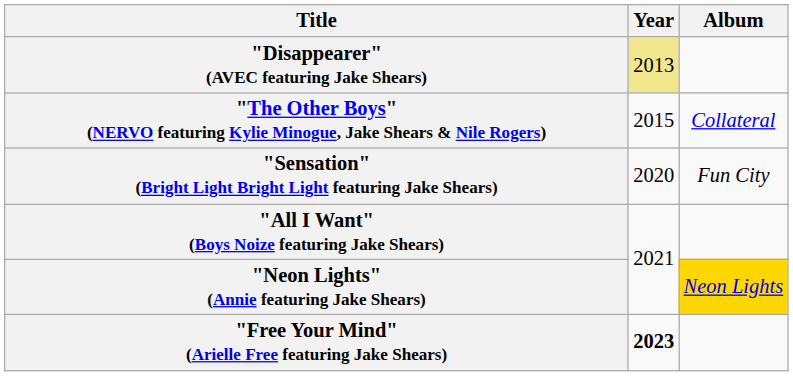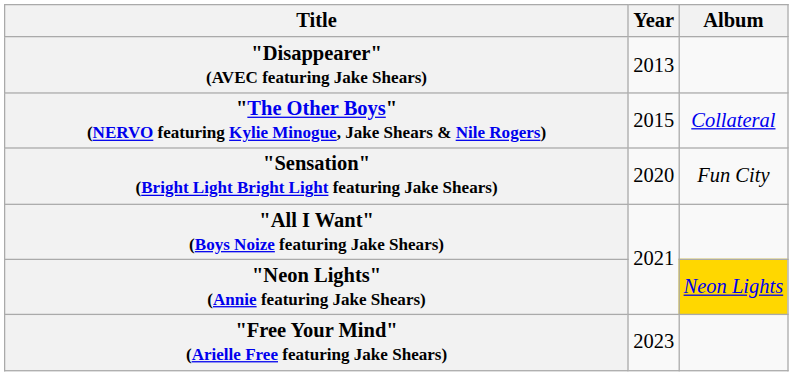 <table class="wikitable plainrowheaders" style="text-align:center;">
 <tr>
 <th scope="col" style="width:30em;">Title</th>
 <th scope="col" style="width:1em;">Year</th>
 <th scope="col">Album</th>
 </tr>
 <tr>
 <th scope="row">"Disappearer" <br><small>(AVEC featuring Jake Shears)</small></th>
-<td style="background: khaki;">2013</td>
+<td>2013</td>
 <td></td>
 </tr>
 <tr>
 <th scope="row">"<a href='#'>The Other Boys</a>" <br><small>(<a href='#'>NERVO</a> featuring <a href='#'>Kylie Minogue</a>, Jake Shears & <a href='#'>Nile Rogers</a>)</small></th>
 <td>2015</td>
 <td><em><a href='#'>Collateral</a></em></td>
 </tr>
 <tr>
 <th scope="row">"Sensation" <br><small>(<a href='#'>Bright Light Bright Light</a> featuring Jake Shears)</small></th>
 <td>2020</td>
 <td><em>Fun City</em></td>
 </tr>
 <tr>
 <th scope="row">"All I Want"<br><small>(<a href='#'>Boys Noize</a> featuring Jake Shears)</small></th>
 <td rowspan="2">2021</td>
 <td></td>
 </tr>
 <tr>
 <th scope="row">"Neon Lights"<br><small>(<a href='#'>Annie</a> featuring Jake Shears)</small></th>
 <td style="background: gold;"><em><a href='#'>Neon Lights</a></em></td>
 </tr>
 <tr>
 <th scope="row">"Free Your Mind"<br><small>(<a href='#'>Arielle Free</a> featuring Jake Shears)</small></th>
-<td><strong>2023</strong></td>
+<td>2023</td>
 <td></td>
 </tr>
 </table>
